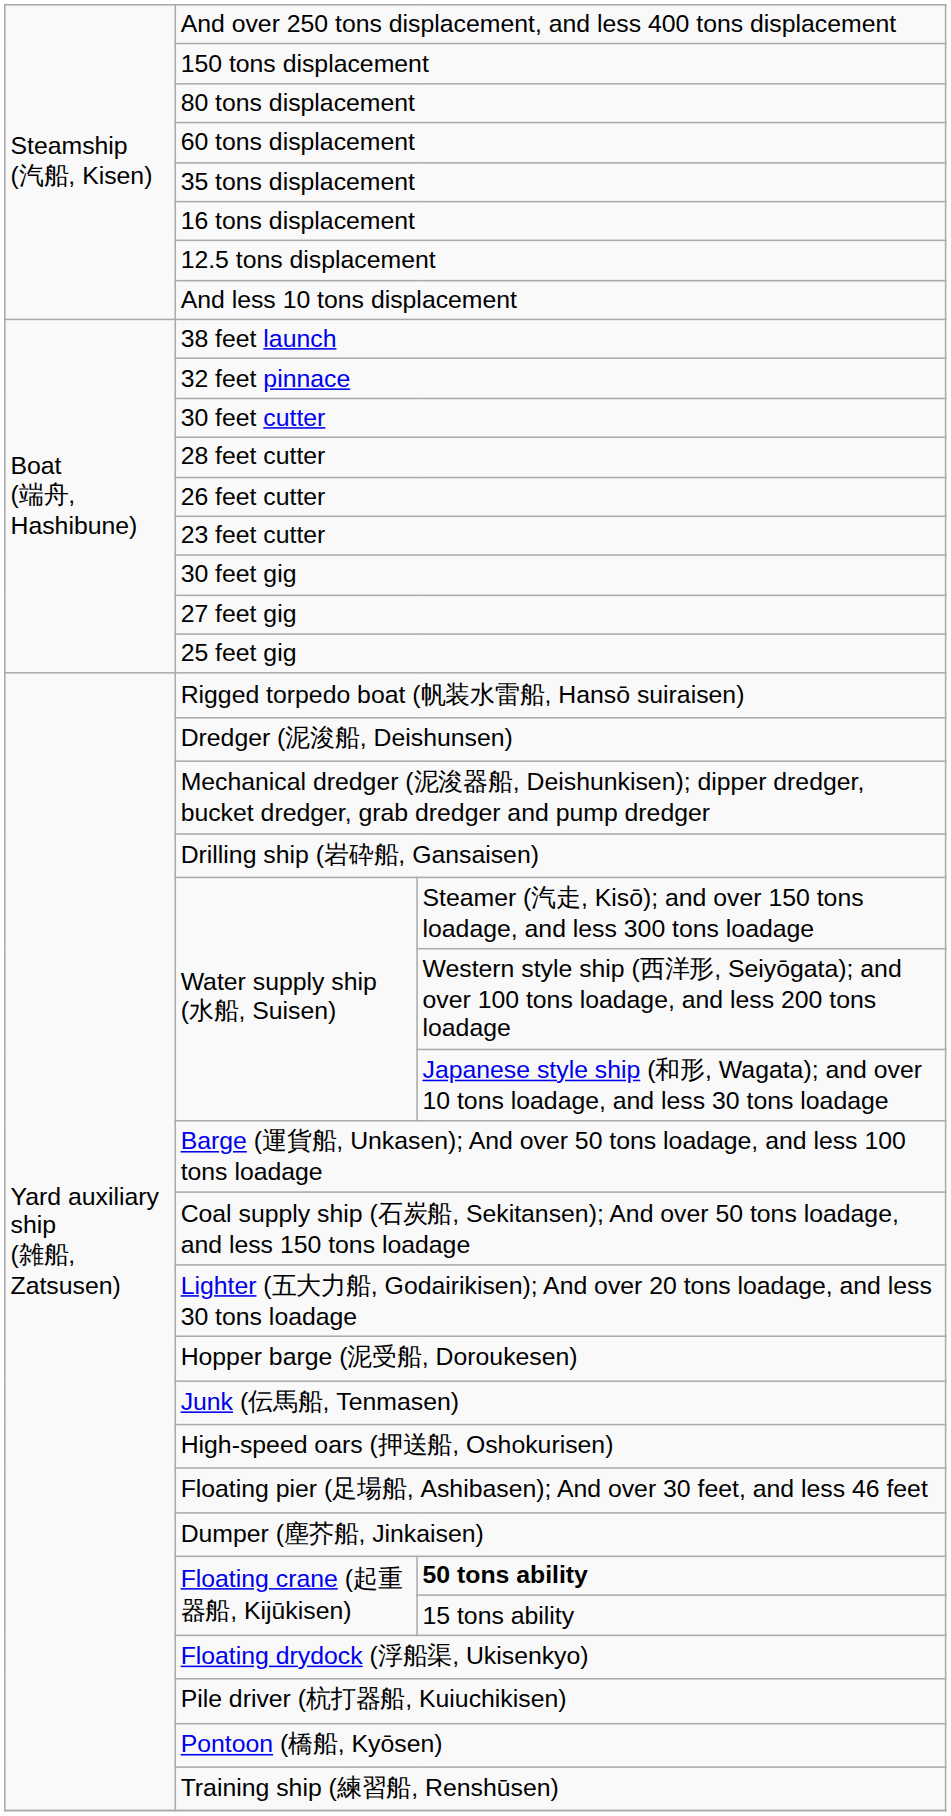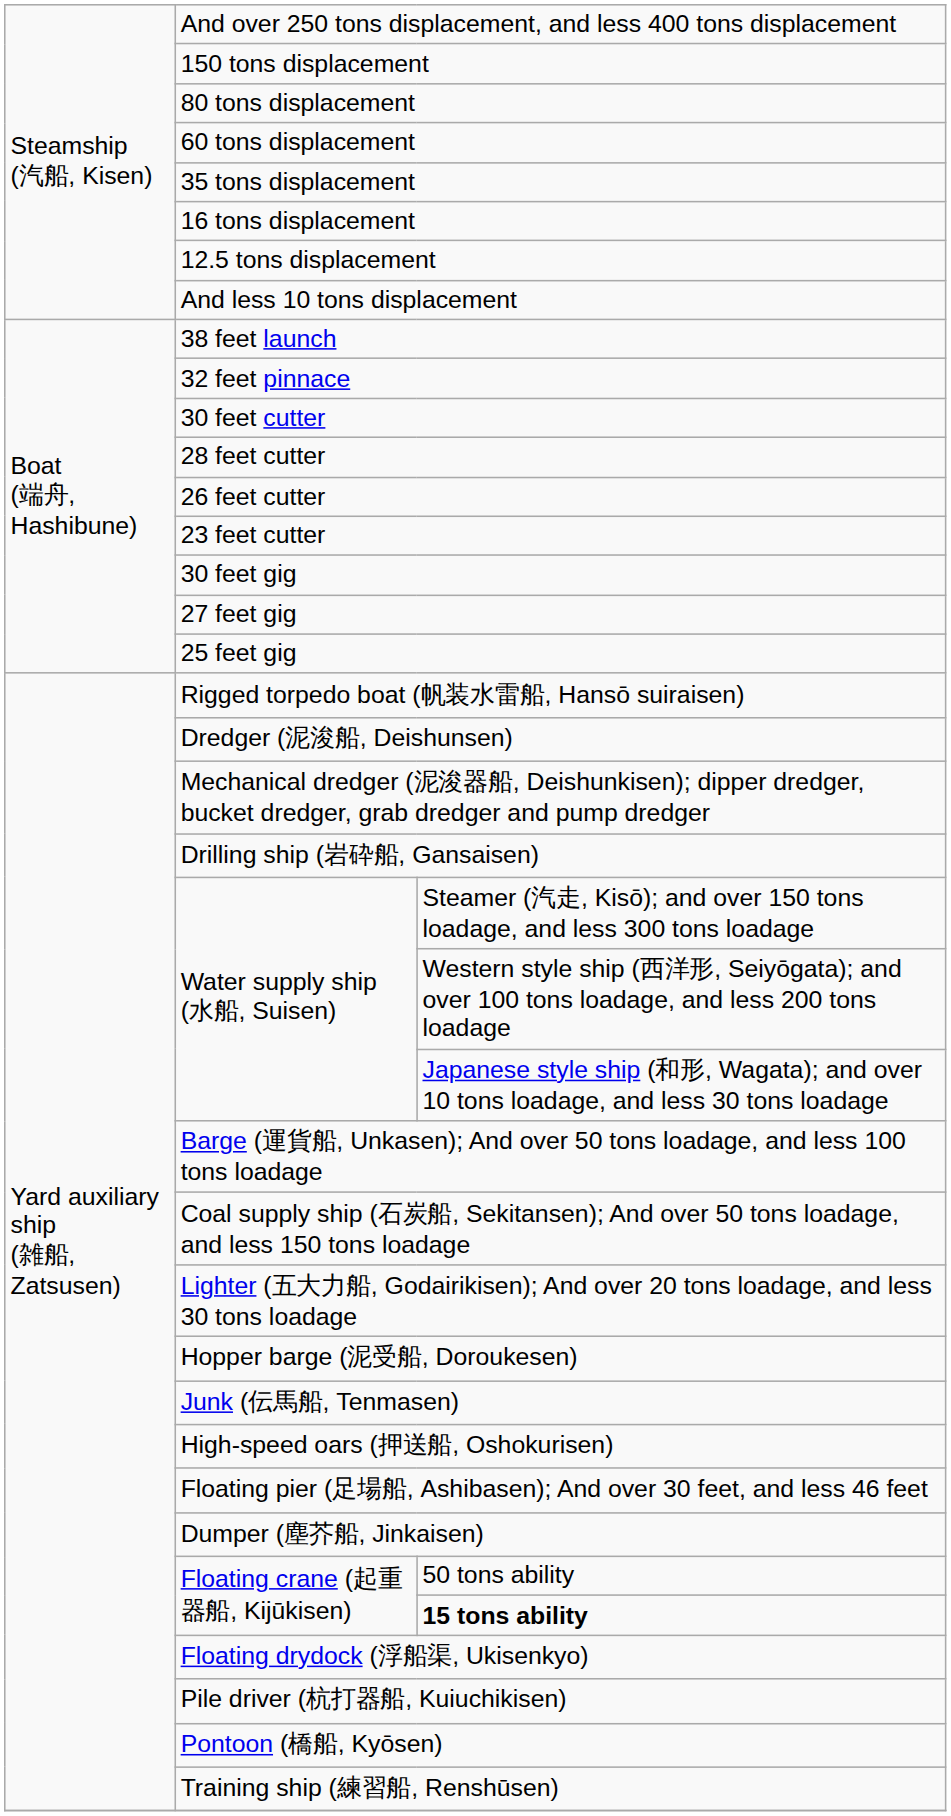 <table class="wikitable">
 <tr>
 <td rowspan="8">Steamship<br>(汽船, Kisen)</td>
 <td colspan="2">And over 250 tons displacement, and less 400 tons displacement</td>
 </tr>
 <tr>
 <td colspan="2">150 tons displacement</td>
 </tr>
 <tr>
 <td colspan="2">80 tons displacement</td>
 </tr>
 <tr>
 <td colspan="2">60 tons displacement</td>
 </tr>
 <tr>
 <td colspan="2">35 tons displacement</td>
 </tr>
 <tr>
 <td colspan="2">16 tons displacement</td>
 </tr>
 <tr>
 <td colspan="2">12.5 tons displacement</td>
 </tr>
 <tr>
 <td colspan="2">And less 10 tons displacement</td>
 </tr>
 <tr>
 <td rowspan="9">Boat<br>(端舟, Hashibune)</td>
 <td colspan="2">38 feet <a href='#'>launch</a></td>
 </tr>
 <tr>
 <td colspan="2">32 feet <a href='#'>pinnace</a></td>
 </tr>
 <tr>
 <td colspan="2">30 feet <a href='#'>cutter</a></td>
 </tr>
 <tr>
 <td colspan="2">28 feet cutter</td>
 </tr>
 <tr>
 <td colspan="2">26 feet cutter</td>
 </tr>
 <tr>
 <td colspan="2">23 feet cutter</td>
 </tr>
 <tr>
 <td colspan="2">30 feet gig</td>
 </tr>
 <tr>
 <td colspan="2">27 feet gig</td>
 </tr>
 <tr>
 <td colspan="2">25 feet gig</td>
 </tr>
 <tr>
 <td rowspan="21">Yard auxiliary ship<br>(雑船, Zatsusen)</td>
 <td colspan="2">Rigged torpedo boat (帆装水雷船, Hansō suiraisen)</td>
 </tr>
 <tr>
 <td colspan="2">Dredger (泥浚船, Deishunsen)</td>
 </tr>
 <tr>
 <td colspan="2">Mechanical dredger (泥浚器船, Deishunkisen); dipper dredger, bucket dredger, grab dredger and pump dredger</td>
 </tr>
 <tr>
 <td colspan="2">Drilling ship (岩砕船, Gansaisen)</td>
 </tr>
 <tr>
 <td rowspan="3">Water supply ship (水船, Suisen)</td>
 <td>Steamer (汽走, Kisō); and over 150 tons loadage, and less 300 tons loadage</td>
 </tr>
 <tr>
 <td>Western style ship (西洋形, Seiyōgata); and over 100 tons loadage, and less 200 tons loadage</td>
 </tr>
 <tr>
 <td><a href='#'>Japanese style ship</a> (和形, Wagata); and over 10 tons loadage, and less 30 tons loadage</td>
 </tr>
 <tr>
 <td colspan="2"><a href='#'>Barge</a> (運貨船, Unkasen); And over 50 tons loadage, and less 100 tons loadage</td>
 </tr>
 <tr>
 <td colspan="2">Coal supply ship (石炭船, Sekitansen); And over 50 tons loadage, and less 150 tons loadage</td>
 </tr>
 <tr>
 <td colspan="2"><a href='#'>Lighter</a> (五大力船, Godairikisen); And over 20 tons loadage, and less 30 tons loadage</td>
 </tr>
 <tr>
 <td colspan="2">Hopper barge (泥受船, Doroukesen)</td>
 </tr>
 <tr>
 <td colspan="2"><a href='#'>Junk</a> (伝馬船, Tenmasen)</td>
 </tr>
 <tr>
 <td colspan="2">High-speed oars (押送船, Oshokurisen)</td>
 </tr>
 <tr>
 <td colspan="2">Floating pier (足場船, Ashibasen); And over 30 feet, and less 46 feet</td>
 </tr>
 <tr>
 <td colspan="2">Dumper (塵芥船, Jinkaisen)</td>
 </tr>
 <tr>
 <td rowspan="2"><a href='#'>Floating crane</a> (起重器船, Kijūkisen)</td>
-<td><strong>50 tons ability</strong></td>
+<td>50 tons ability</td>
 </tr>
 <tr>
-<td>15 tons ability</td>
+<td><strong>15 tons ability</strong></td>
 </tr>
 <tr>
 <td colspan="2"><a href='#'>Floating drydock</a> (浮船渠, Ukisenkyo)</td>
 </tr>
 <tr>
 <td colspan="2">Pile driver (杭打器船, Kuiuchikisen)</td>
 </tr>
 <tr>
 <td colspan="2"><a href='#'>Pontoon</a> (橋船, Kyōsen)</td>
 </tr>
 <tr>
 <td colspan="2">Training ship (練習船, Renshūsen)</td>
 </tr>
 <tr>
 </tr>
 </table>
